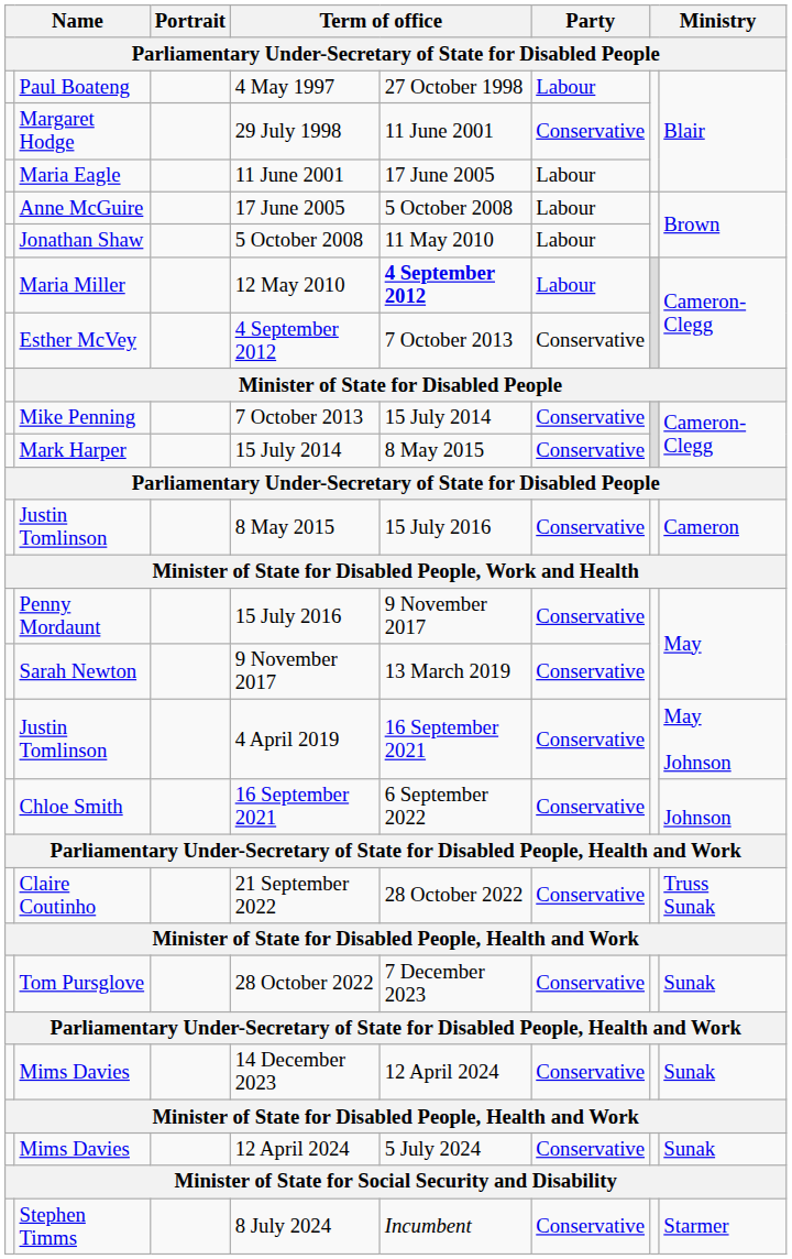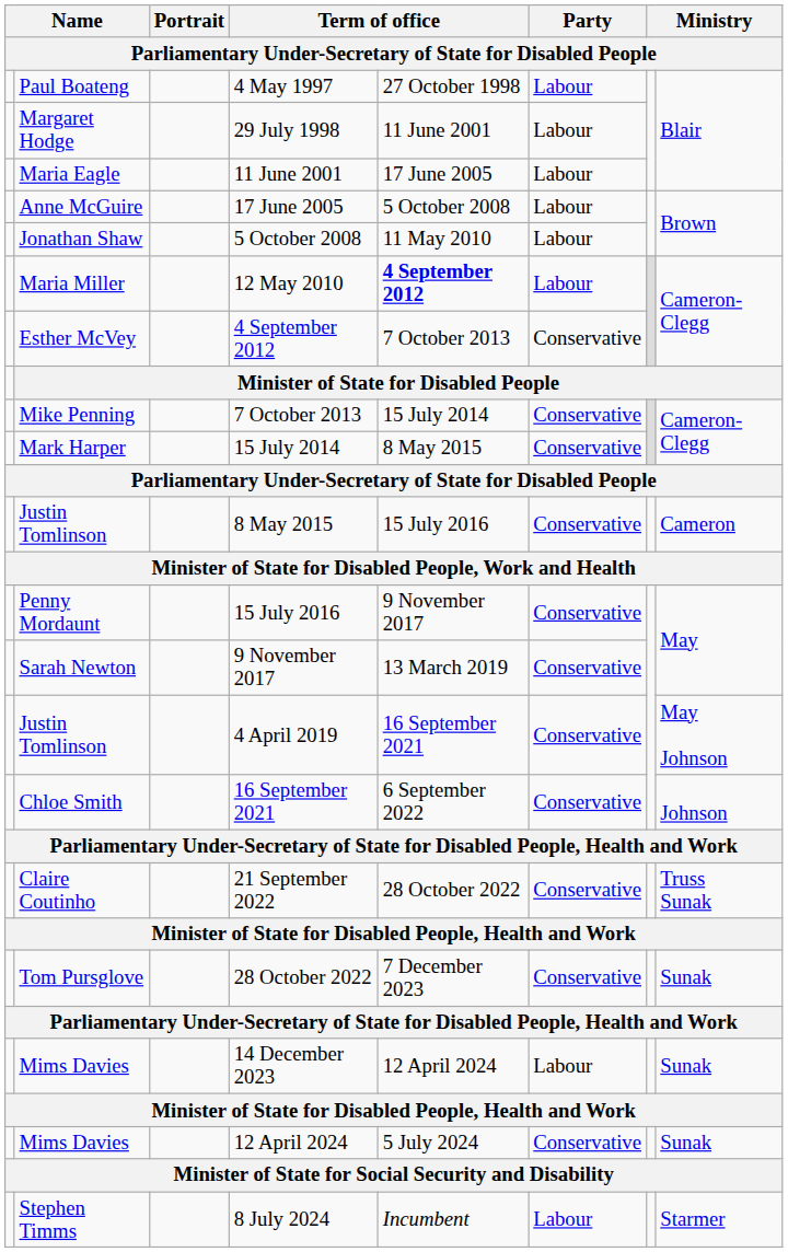 <table class="wikitable">
 <tr>
 <th colspan=2>Name</th>
 <th>Portrait</th>
 <th colspan=2>Term of office</th>
 <th>Party</th>
 <th colspan=2>Ministry</th>
 </tr>
 <tr>
 <th colspan=8>Parliamentary Under-Secretary of State for Disabled People</th>
 </tr>
 <tr>
 <td style="background-color: "></td>
 <td><a href='#'>Paul Boateng</a></td>
 <td></td>
 <td>4 May 1997</td>
 <td>27 October 1998</td>
 <td><a href='#'>Labour</a></td>
 <td rowspan=4 style="background-color: "></td>
 <td rowspan=4><a href='#'>Blair</a><br>  </td>
 </tr>
 <tr>
 <td style="background-color: "></td>
 <td><a href='#'>Margaret Hodge</a></td>
 <td></td>
 <td>29 July 1998</td>
 <td>11 June 2001</td>
-<td><a href='#'>Conservative</a></td>
+<td>Labour</td>
 </tr>
 <tr>
 <td style="background-color: "></td>
 <td><a href='#'>Maria Eagle</a></td>
 <td></td>
 <td>11 June 2001</td>
 <td>17 June 2005</td>
 <td>Labour</td>
 </tr>
 <tr>
 <td rowspan=2 style="background-color: "></td>
 <td rowspan=2><a href='#'>Anne McGuire</a></td>
 <td rowspan=2></td>
 <td rowspan=2>17 June 2005</td>
 <td rowspan=2>5 October 2008</td>
 <td rowspan=2>Labour</td>
 </tr>
 <tr>
 <td rowspan=2 style="background-color: "></td>
 <td rowspan=2><a href='#'>Brown</a></td>
 </tr>
 <tr>
 <td style="background-color: "></td>
 <td><a href='#'>Jonathan Shaw</a></td>
 <td></td>
 <td>5 October 2008</td>
 <td>11 May 2010</td>
 <td>Labour</td>
 </tr>
 <tr>
 <td style="background-color: "></td>
 <td><a href='#'>Maria Miller</a></td>
 <td></td>
 <td>12 May 2010</td>
 <td><strong><a href='#'>4 September 2012</a></strong></td>
 <td><a href='#'>Labour</a></td>
 <td rowspan=2 style="background-color:#ddd"></td>
 <td rowspan=2><a href='#'>Cameron-Clegg</a></td>
 </tr>
 <tr>
 <td style="background-color: "></td>
 <td><a href='#'>Esther McVey</a></td>
 <td></td>
 <td><a href='#'>4 September 2012</a></td>
 <td>7 October 2013</td>
 <td>Conservative</td>
 </tr>
 <tr>
 <td style="background-color: "></td>
 <th colspan=8>Minister of State for Disabled People</th>
 </tr>
 <tr>
 <td style="background-color: "></td>
 <td><a href='#'>Mike Penning</a></td>
 <td></td>
 <td>7 October 2013</td>
 <td>15 July 2014</td>
 <td><a href='#'>Conservative</a></td>
 <td rowspan=2 style="background-color:#ddd"></td>
 <td rowspan=2><a href='#'>Cameron-Clegg</a></td>
 </tr>
 <tr>
 <td style="background-color: "></td>
 <td><a href='#'>Mark Harper</a></td>
 <td></td>
 <td>15 July 2014</td>
 <td>8 May 2015</td>
 <td><a href='#'>Conservative</a></td>
 </tr>
 <tr>
 <th colspan=8>Parliamentary Under-Secretary of State for Disabled People</th>
 </tr>
 <tr>
 <td style="background-color: "></td>
 <td><a href='#'>Justin Tomlinson</a></td>
 <td></td>
 <td>8 May 2015</td>
 <td>15 July 2016</td>
 <td><a href='#'>Conservative</a></td>
 <td style="background-color: "></td>
 <td><a href='#'>Cameron</a><br></td>
 </tr>
 <tr>
 <th colspan=8>Minister of State for Disabled People, Work and Health</th>
 </tr>
 <tr>
 <td style="background-color: "></td>
 <td><a href='#'>Penny Mordaunt</a></td>
 <td></td>
 <td>15 July 2016</td>
 <td>9 November 2017</td>
 <td><a href='#'>Conservative</a></td>
 <td rowspan=4 style="background-color: "></td>
 <td rowspan=2><a href='#'>May</a><br> </td>
 </tr>
 <tr>
 <td style="background-color: "></td>
 <td><a href='#'>Sarah Newton</a></td>
 <td></td>
 <td>9 November 2017</td>
 <td>13 March 2019</td>
 <td><a href='#'>Conservative</a></td>
 </tr>
 <tr>
 <td style="background-color: "></td>
 <td><a href='#'>Justin Tomlinson</a></td>
 <td></td>
 <td>4 April 2019</td>
 <td><a href='#'>16 September 2021</a></td>
 <td><a href='#'>Conservative</a></td>
 <td><a href='#'>May</a><br><br><a href='#'>Johnson</a><br> </td>
 </tr>
 <tr>
 <td style="background-color: "></td>
 <td><a href='#'>Chloe Smith</a></td>
 <td></td>
 <td><a href='#'>16 September 2021</a></td>
 <td>6 September 2022</td>
 <td><a href='#'>Conservative</a></td>
 <td><br><a href='#'>Johnson</a><br></td>
 </tr>
 <tr>
 <th colspan=8>Parliamentary Under-Secretary of State for Disabled People, Health and Work</th>
 </tr>
 <tr>
 <td style="background-color: "></td>
 <td><a href='#'>Claire Coutinho</a></td>
 <td></td>
 <td>21 September 2022</td>
 <td>28 October 2022</td>
 <td><a href='#'>Conservative</a></td>
 <td style="background-color: "></td>
 <td><a href='#'>Truss</a><br><a href='#'>Sunak</a></td>
 </tr>
 <tr>
 <th colspan=8>Minister of State for Disabled People, Health and Work</th>
 </tr>
 <tr>
 <td style="background-color: "></td>
 <td><a href='#'>Tom Pursglove</a></td>
 <td></td>
 <td>28 October 2022</td>
 <td>7 December 2023</td>
 <td><a href='#'>Conservative</a></td>
 <td style="background-color: "></td>
 <td><a href='#'>Sunak</a></td>
 </tr>
 <tr>
 <th colspan=8>Parliamentary Under-Secretary of State for Disabled People, Health and Work</th>
 </tr>
 <tr>
 <td style="background-color: "></td>
 <td><a href='#'>Mims Davies</a></td>
 <td></td>
 <td>14 December 2023</td>
 <td>12 April 2024</td>
-<td><a href='#'>Conservative</a></td>
+<td>Labour</td>
 <td style="background-color: "></td>
 <td><a href='#'>Sunak</a></td>
 </tr>
 <tr>
 <th colspan=9>Minister of State for Disabled People, Health and Work</th>
 </tr>
 <tr>
 <td style="background-color: "></td>
 <td><a href='#'>Mims Davies</a></td>
 <td></td>
 <td>12 April 2024</td>
 <td>5 July 2024</td>
 <td><a href='#'>Conservative</a></td>
 <td style="background-color: "></td>
 <td><a href='#'>Sunak</a></td>
 </tr>
 <tr>
 <th colspan="9">Minister of State for Social Security and Disability</th>
 </tr>
 <tr>
 <td style="background-color: "></td>
 <td><a href='#'>Stephen Timms</a></td>
 <td></td>
 <td>8 July 2024</td>
 <td><em>Incumbent</em></td>
-<td><a href='#'>Conservative</a></td>
+<td><a href='#'>Labour</a></td>
 <td style="background-color: "></td>
 <td><a href='#'>Starmer</a></td>
 </tr>
 </table>
